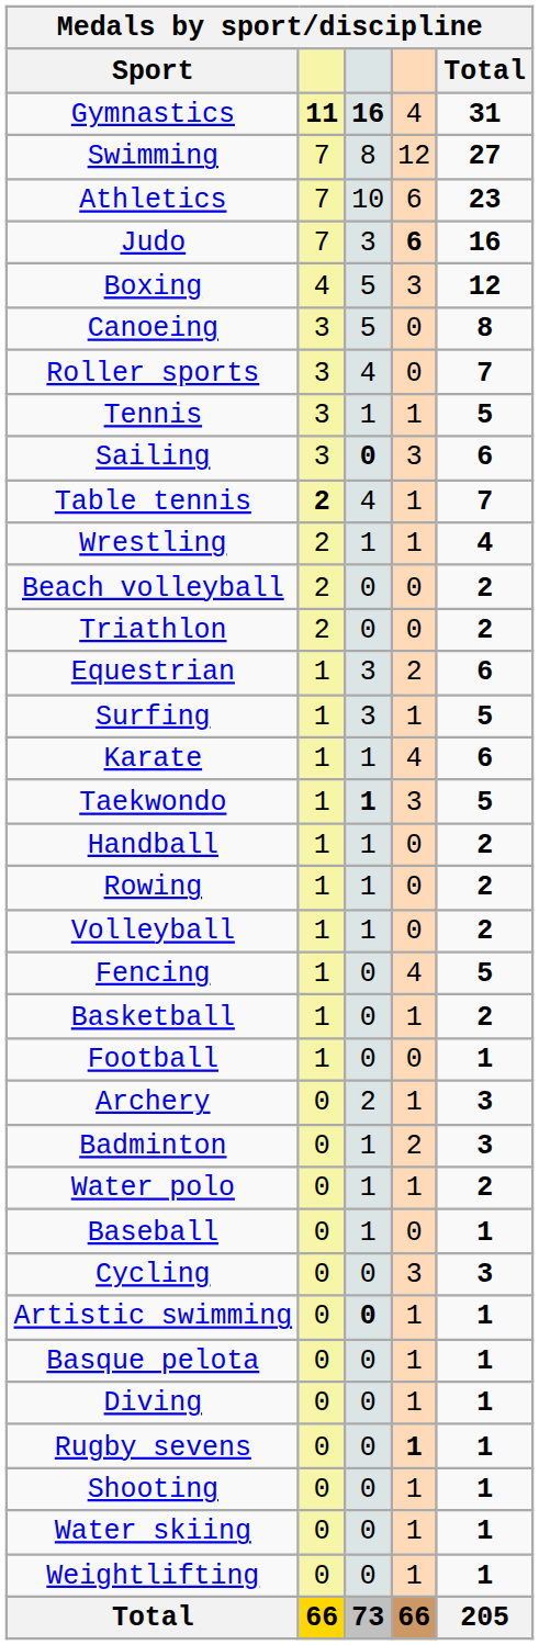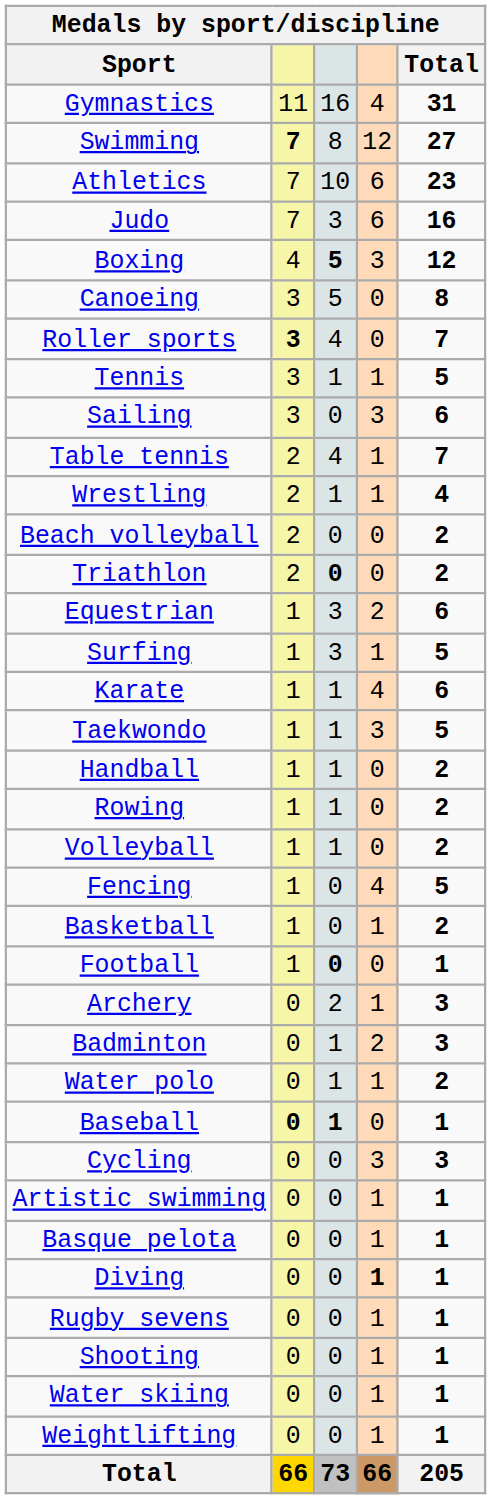 <table class="wikitable" style=font-size:85%;float:right;text-align:center>
 <tr>
 <th colspan=5>Medals by sport/discipline</th>
 </tr>
 <tr>
 <th>Sport</th>
 <td bgcolor=F7F6A8></td>
 <td bgcolor=DCE5E5></td>
 <td bgcolor=FFDAB9></td>
 <th>Total</th>
 </tr>
 <tr align=center>
 <td><a href='#'>Gymnastics</a></td>
-<td style="background:#F7F6A8;"><strong>11</strong></td>
-<td style="background:#DCE5E5;"><strong>16</strong></td>
+<td style="background:#F7F6A8;">11</td>
+<td style="background:#DCE5E5;">16</td>
 <td style="background:#FFDAB9;">4</td>
 <td><strong>31</strong></td>
 </tr>
 <tr align=center>
 <td><a href='#'>Swimming</a></td>
-<td style="background:#F7F6A8;">7</td>
+<td style="background:#F7F6A8;"><strong>7</strong></td>
 <td style="background:#DCE5E5;">8</td>
 <td style="background:#FFDAB9;">12</td>
 <td><strong>27</strong></td>
 </tr>
 <tr align=center>
 <td><a href='#'>Athletics</a></td>
 <td style="background:#F7F6A8;">7</td>
 <td style="background:#DCE5E5;">10</td>
 <td style="background:#FFDAB9;">6</td>
 <td><strong>23</strong></td>
 </tr>
 <tr align=center>
 <td><a href='#'>Judo</a></td>
 <td style="background:#F7F6A8;">7</td>
 <td style="background:#DCE5E5;">3</td>
-<td style="background:#FFDAB9;"><strong>6</strong></td>
+<td style="background:#FFDAB9;">6</td>
 <td><strong>16</strong></td>
 </tr>
 <tr align=center>
 <td><a href='#'>Boxing</a></td>
 <td style="background:#F7F6A8;">4</td>
-<td style="background:#DCE5E5;">5</td>
+<td style="background:#DCE5E5;"><strong>5</strong></td>
 <td style="background:#FFDAB9;">3</td>
 <td><strong>12</strong></td>
 </tr>
 <tr align=center>
 <td><a href='#'>Canoeing</a></td>
 <td style="background:#F7F6A8;">3</td>
 <td style="background:#DCE5E5;">5</td>
 <td style="background:#FFDAB9;">0</td>
 <td><strong>8</strong></td>
 </tr>
 <tr align=center>
 <td><a href='#'>Roller sports</a></td>
-<td style="background:#F7F6A8;">3</td>
+<td style="background:#F7F6A8;"><strong>3</strong></td>
 <td style="background:#DCE5E5;">4</td>
 <td style="background:#FFDAB9;">0</td>
 <td><strong>7</strong></td>
 </tr>
 <tr align=center>
 <td><a href='#'>Tennis</a></td>
 <td style="background:#F7F6A8;">3</td>
 <td style="background:#DCE5E5;">1</td>
 <td style="background:#FFDAB9;">1</td>
 <td><strong>5</strong></td>
 </tr>
 <tr align=center>
 <td><a href='#'>Sailing</a></td>
 <td style="background:#F7F6A8;">3</td>
-<td style="background:#DCE5E5;"><strong>0</strong></td>
+<td style="background:#DCE5E5;">0</td>
 <td style="background:#FFDAB9;">3</td>
 <td><strong>6</strong></td>
 </tr>
 <tr align=center>
 <td><a href='#'>Table tennis</a></td>
-<td style="background:#F7F6A8;"><strong>2</strong></td>
+<td style="background:#F7F6A8;">2</td>
 <td style="background:#DCE5E5;">4</td>
 <td style="background:#FFDAB9;">1</td>
 <td><strong>7</strong></td>
 </tr>
 <tr align=center>
 <td><a href='#'>Wrestling</a></td>
 <td style="background:#F7F6A8;">2</td>
 <td style="background:#DCE5E5;">1</td>
 <td style="background:#FFDAB9;">1</td>
 <td><strong>4</strong></td>
 </tr>
 <tr align=center>
 <td><a href='#'>Beach volleyball</a></td>
 <td style="background:#F7F6A8;">2</td>
 <td style="background:#DCE5E5;">0</td>
 <td style="background:#FFDAB9;">0</td>
 <td><strong>2</strong></td>
 </tr>
 <tr align=center>
 <td><a href='#'>Triathlon</a></td>
 <td style="background:#F7F6A8;">2</td>
-<td style="background:#DCE5E5;">0</td>
+<td style="background:#DCE5E5;"><strong>0</strong></td>
 <td style="background:#FFDAB9;">0</td>
 <td><strong>2</strong></td>
 </tr>
 <tr align=center>
 <td><a href='#'>Equestrian</a></td>
 <td style="background:#F7F6A8;">1</td>
 <td style="background:#DCE5E5;">3</td>
 <td style="background:#FFDAB9;">2</td>
 <td><strong>6</strong></td>
 </tr>
 <tr align=center>
 <td><a href='#'>Surfing</a></td>
 <td style="background:#F7F6A8;">1</td>
 <td style="background:#DCE5E5;">3</td>
 <td style="background:#FFDAB9;">1</td>
 <td><strong>5</strong></td>
 </tr>
 <tr align=center>
 <td><a href='#'>Karate</a></td>
 <td style="background:#F7F6A8;">1</td>
 <td style="background:#DCE5E5;">1</td>
 <td style="background:#FFDAB9;">4</td>
 <td><strong>6</strong></td>
 </tr>
 <tr align=center>
 <td><a href='#'>Taekwondo</a></td>
 <td style="background:#F7F6A8;">1</td>
-<td style="background:#DCE5E5;"><strong>1</strong></td>
+<td style="background:#DCE5E5;">1</td>
 <td style="background:#FFDAB9;">3</td>
 <td><strong>5</strong></td>
 </tr>
 <tr align=center>
 <td><a href='#'>Handball</a></td>
 <td style="background:#F7F6A8;">1</td>
 <td style="background:#DCE5E5;">1</td>
 <td style="background:#FFDAB9;">0</td>
 <td><strong>2</strong></td>
 </tr>
 <tr align=center>
 <td><a href='#'>Rowing</a></td>
 <td style="background:#F7F6A8;">1</td>
 <td style="background:#DCE5E5;">1</td>
 <td style="background:#FFDAB9;">0</td>
 <td><strong>2</strong></td>
 </tr>
 <tr align=center>
 <td><a href='#'>Volleyball</a></td>
 <td style="background:#F7F6A8;">1</td>
 <td style="background:#DCE5E5;">1</td>
 <td style="background:#FFDAB9;">0</td>
 <td><strong>2</strong></td>
 </tr>
 <tr align=center>
 <td><a href='#'>Fencing</a></td>
 <td style="background:#F7F6A8;">1</td>
 <td style="background:#DCE5E5;">0</td>
 <td style="background:#FFDAB9;">4</td>
 <td><strong>5</strong></td>
 </tr>
 <tr align=center>
 <td><a href='#'>Basketball</a></td>
 <td style="background:#F7F6A8;">1</td>
 <td style="background:#DCE5E5;">0</td>
 <td style="background:#FFDAB9;">1</td>
 <td><strong>2</strong></td>
 </tr>
 <tr align=center>
 <td><a href='#'>Football</a></td>
 <td style="background:#F7F6A8;">1</td>
-<td style="background:#DCE5E5;">0</td>
+<td style="background:#DCE5E5;"><strong>0</strong></td>
 <td style="background:#FFDAB9;">0</td>
 <td><strong>1</strong></td>
 </tr>
 <tr align=center>
 <td><a href='#'>Archery</a></td>
 <td style="background:#F7F6A8;">0</td>
 <td style="background:#DCE5E5;">2</td>
 <td style="background:#FFDAB9;">1</td>
 <td><strong>3</strong></td>
 </tr>
 <tr align=center>
 <td><a href='#'>Badminton</a></td>
 <td style="background:#F7F6A8;">0</td>
 <td style="background:#DCE5E5;">1</td>
 <td style="background:#FFDAB9;">2</td>
 <td><strong>3</strong></td>
 </tr>
 <tr align=center>
 <td><a href='#'>Water polo</a></td>
 <td style="background:#F7F6A8;">0</td>
 <td style="background:#DCE5E5;">1</td>
 <td style="background:#FFDAB9;">1</td>
 <td><strong>2</strong></td>
 </tr>
 <tr align=center>
 <td><a href='#'>Baseball</a></td>
-<td style="background:#F7F6A8;">0</td>
-<td style="background:#DCE5E5;">1</td>
+<td style="background:#F7F6A8;"><strong>0</strong></td>
+<td style="background:#DCE5E5;"><strong>1</strong></td>
 <td style="background:#FFDAB9;">0</td>
 <td><strong>1</strong></td>
 </tr>
 <tr align=center>
 <td><a href='#'>Cycling</a></td>
 <td style="background:#F7F6A8;">0</td>
 <td style="background:#DCE5E5;">0</td>
 <td style="background:#FFDAB9;">3</td>
 <td><strong>3</strong></td>
 </tr>
 <tr align=center>
 <td nowrap><a href='#'>Artistic swimming</a></td>
 <td style="background:#F7F6A8;">0</td>
-<td style="background:#DCE5E5;"><strong>0</strong></td>
+<td style="background:#DCE5E5;">0</td>
 <td style="background:#FFDAB9;">1</td>
 <td><strong>1</strong></td>
 </tr>
 <tr align=center>
 <td><a href='#'>Basque pelota</a></td>
 <td style="background:#F7F6A8;">0</td>
 <td style="background:#DCE5E5;">0</td>
 <td style="background:#FFDAB9;">1</td>
 <td><strong>1</strong></td>
 </tr>
 <tr align=center>
 <td><a href='#'>Diving</a></td>
 <td style="background:#F7F6A8;">0</td>
 <td style="background:#DCE5E5;">0</td>
-<td style="background:#FFDAB9;">1</td>
+<td style="background:#FFDAB9;"><strong>1</strong></td>
 <td><strong>1</strong></td>
 </tr>
 <tr align=center>
 <td><a href='#'>Rugby sevens</a></td>
 <td style="background:#F7F6A8;">0</td>
 <td style="background:#DCE5E5;">0</td>
-<td style="background:#FFDAB9;"><strong>1</strong></td>
+<td style="background:#FFDAB9;">1</td>
 <td><strong>1</strong></td>
 </tr>
 <tr align=center>
 <td><a href='#'>Shooting</a></td>
 <td style="background:#F7F6A8;">0</td>
 <td style="background:#DCE5E5;">0</td>
 <td style="background:#FFDAB9;">1</td>
 <td><strong>1</strong></td>
 </tr>
 <tr align=center>
 <td><a href='#'>Water skiing</a></td>
 <td style="background:#F7F6A8;">0</td>
 <td style="background:#DCE5E5;">0</td>
 <td style="background:#FFDAB9;">1</td>
 <td><strong>1</strong></td>
 </tr>
 <tr align=center>
 <td><a href='#'>Weightlifting</a></td>
 <td style="background:#F7F6A8;">0</td>
 <td style="background:#DCE5E5;">0</td>
 <td style="background:#FFDAB9;">1</td>
 <td><strong>1</strong></td>
 </tr>
 <tr align=center>
 <th>Total</th>
 <th style="background:gold;">66</th>
 <th style="background:silver;">73</th>
 <th style="background:#c96;">66</th>
 <th>205</th>
 </tr>
 </table>
